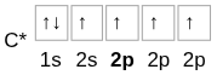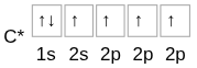 <table cellpadding=4px>
 <tr>
 <td rowspan=2>C*</td>
 <td style="border: 1px solid darkgray;">↑↓</td>
 <td style="border: 1px solid darkgray;">↑</td>
 <td style="border: 1px solid darkgray;">↑</td>
 <td style="border: 1px solid darkgray;">↑</td>
 <td style="border: 1px solid darkgray;">↑</td>
 </tr>
 <tr>
 <td>1s</td>
 <td>2s</td>
-<td><strong>2p</strong></td>
+<td>2p</td>
 <td>2p</td>
 <td>2p</td>
 </tr>
 </table>
